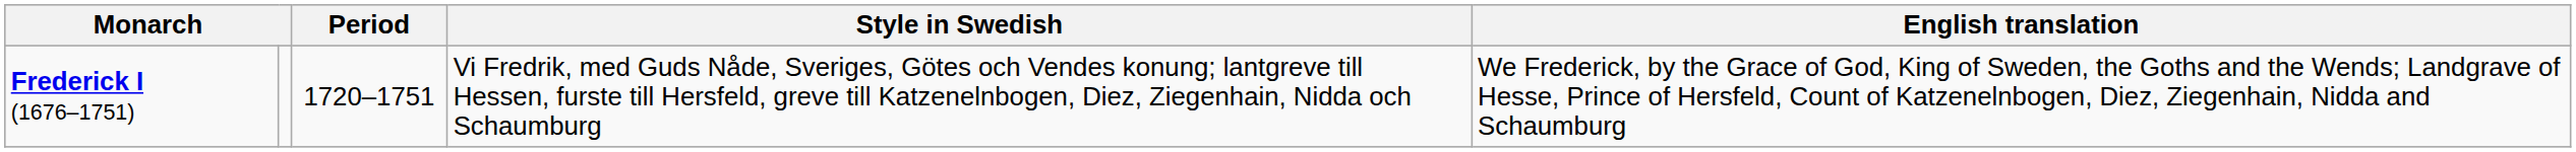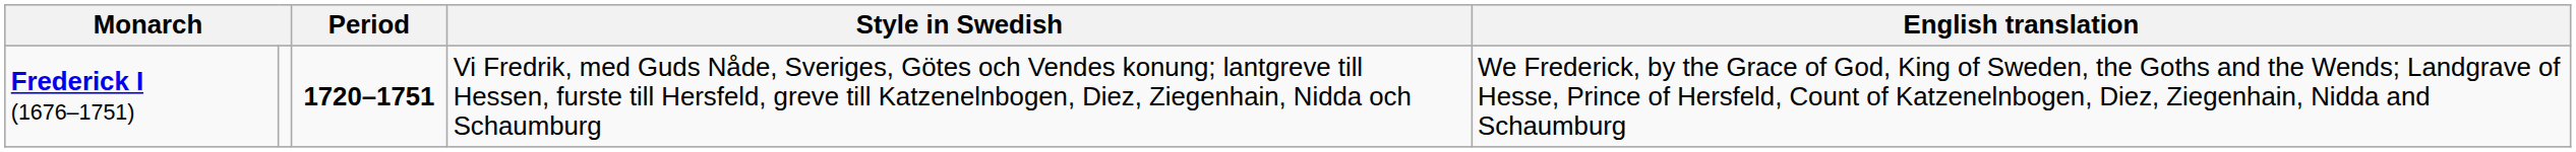 <table class="wikitable">
 <tr>
 <th colspan="2">Monarch</th>
 <th style="width:5.5em;text-align:center;">Period</th>
 <th>Style in Swedish</th>
 <th>English translation</th>
 </tr>
 <tr>
 <td style="width:10em;"><strong><a href='#'>Frederick I</a></strong><br><small>(1676–1751)</small></td>
 <td></td>
-<td style="text-align:center;">1720–1751</td>
+<td style="text-align:center;"><strong>1720–1751</strong></td>
 <td>Vi Fredrik, med Guds Nåde, Sveriges, Götes och Vendes konung; lantgreve till Hessen, furste till Hersfeld, greve till Katzenelnbogen, Diez, Ziegenhain, Nidda och Schaumburg</td>
 <td>We Frederick, by the Grace of God, King of Sweden, the Goths and the Wends; Landgrave of Hesse, Prince of Hersfeld, Count of Katzenelnbogen, Diez, Ziegenhain, Nidda and Schaumburg</td>
 </tr>
 </table>
